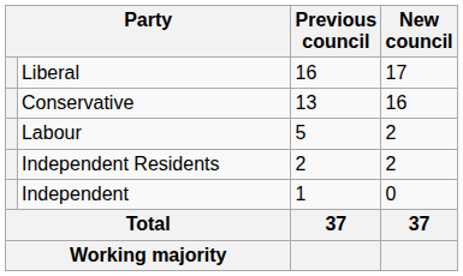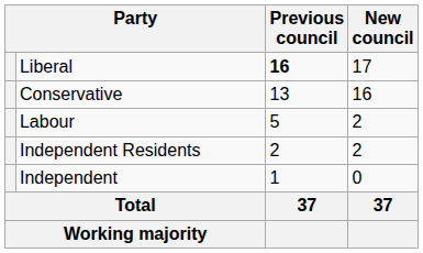 <table class="wikitable">
 <tr>
 <th valign=top colspan="2" style="width: 230px">Party</th>
 <th valign=top style="width: 30px">Previous council</th>
 <th valign=top style="width: 30px">New council</th>
 </tr>
 <tr>
 <th style="background-color: "></th>
 <td>Liberal</td>
-<td>16</td>
+<td><strong>16</strong></td>
 <td>17</td>
 </tr>
 <tr>
 <th style="background-color: "></th>
 <td>Conservative</td>
 <td>13</td>
 <td>16</td>
 </tr>
 <tr>
 <th style="background-color: "></th>
 <td>Labour</td>
 <td>5</td>
 <td>2</td>
 </tr>
 <tr>
 <th style="background-color: "></th>
 <td>Independent Residents</td>
 <td>2</td>
 <td>2</td>
 </tr>
 <tr>
 <th style="background-color: "></th>
 <td>Independent</td>
 <td>1</td>
 <td>0</td>
 </tr>
 <tr>
 <th colspan=2>Total</th>
 <th style="text-align: center">37</th>
 <th colspan=3>37</th>
 </tr>
 <tr>
 <th colspan=2>Working majority</th>
 <th></th>
 <th></th>
 </tr>
 </table>
